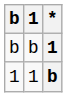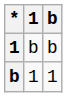 <table class="wikitable">
 <tr>
+<th>*</th>
+<th>1</th>
 <th>b</th>
-<th>1</th>
-<th>*</th>
 </tr>
 <tr>
+<th>1</th>
 <td>b</td>
 <td>b</td>
-<th>1</th>
 </tr>
 <tr>
+<th>b</th>
 <td>1</td>
 <td>1</td>
-<th>b</th>
 </tr>
 </table>
